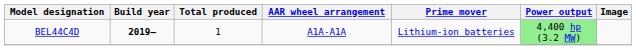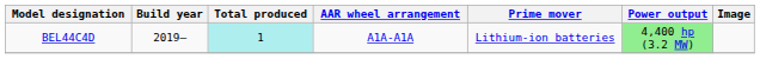 <table class="wikitable sortable" style="width: 100%">
 <tr>
 <th>Model designation</th>
 <th>Build year</th>
 <th>Total produced</th>
 <th class="unsortable"><a href='#'>AAR wheel arrangement</a></th>
 <th class="unsortable"><a href='#'>Prime mover</a></th>
 <th><a href='#'>Power output</a></th>
 <th class="unsortable">Image</th>
 </tr>
 <tr align = "center">
 <td><a href='#'>BEL44C4D</a></td>
-<td><strong>2019–</strong></td>
-<td>1</td>
+<td>2019–</td>
+<td style="background: paleturquoise;">1</td>
 <td><a href='#'>A1A-A1A</a></td>
 <td><a href='#'>Lithium-ion batteries</a></td>
 <td style="background: lightgreen;">4,400 <a href='#'>hp</a><br>(3.2 <a href='#'>MW</a>)</td>
 <td></td>
 </tr>
 <tr align = "center">
 </tr>
 </table>
